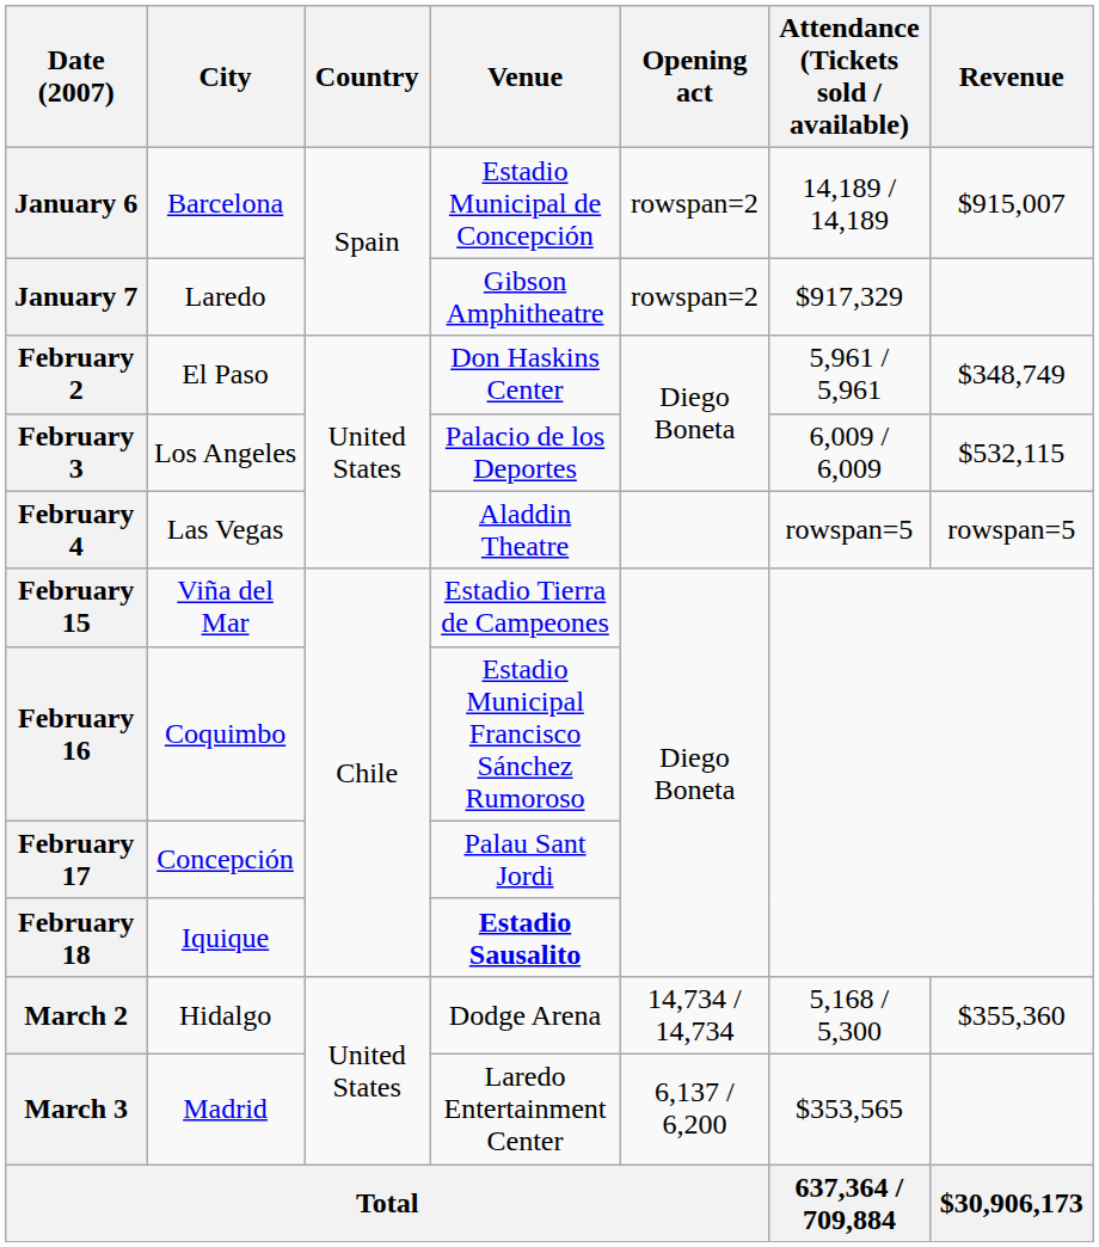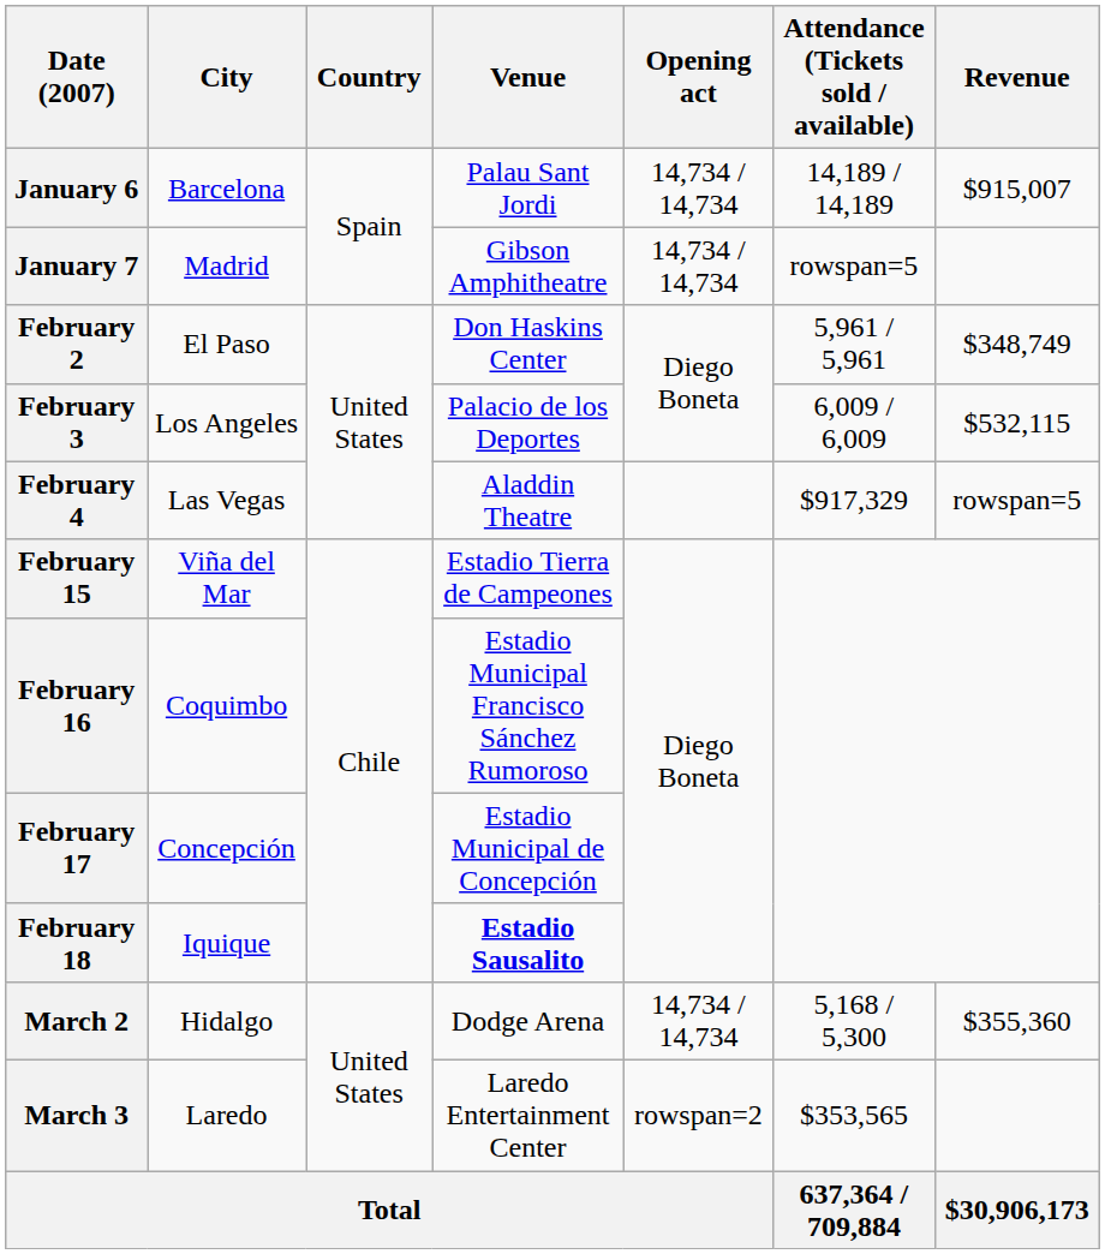 <table class="wikitable plainrowheaders" style="text-align:center;">
 <tr>
 <th scope="col" style="width:12em;">Date<br>(2007)</th>
 <th scope="col" style="width:10em;">City</th>
 <th scope="col" style="width:10em;">Country</th>
 <th scope="col" style="width:16em;">Venue</th>
 <th scope="col" style="width:10em;">Opening act</th>
 <th scope="col" style="width:10em;">Attendance <br>(Tickets sold / available)</th>
 <th scope="col" style="width:10em;">Revenue</th>
 </tr>
 <tr>
 <th scope="row" style="text-align:center;">January 6</th>
 <td><a href='#'>Barcelona</a></td>
 <td rowspan=2>Spain</td>
-<td><a href='#'>Estadio Municipal de Concepción</a></td>
-<td>rowspan=2 </td>
+<td><a href='#'>Palau Sant Jordi</a></td>
+<td>14,734 / 14,734</td>
 <td>14,189 / 14,189</td>
 <td>$915,007</td>
 </tr>
 <tr>
 <th scope="row" style="text-align:center;">January 7</th>
-<td>Laredo</td>
+<td><a href='#'>Madrid</a></td>
 <td><a href='#'>Gibson Amphitheatre</a></td>
-<td>rowspan=2 </td>
-<td>$917,329</td>
+<td>14,734 / 14,734</td>
+<td>rowspan=5 </td>
 </tr>
 <tr>
 <th scope="row" style="text-align:center;">February 2</th>
 <td>El Paso</td>
 <td rowspan=3>United States</td>
 <td><a href='#'>Don Haskins Center</a></td>
 <td rowspan=2>Diego Boneta</td>
 <td>5,961 / 5,961</td>
 <td>$348,749</td>
 </tr>
 <tr>
 <th scope="row" style="text-align:center;">February 3</th>
 <td>Los Angeles</td>
 <td><a href='#'>Palacio de los Deportes</a></td>
 <td>6,009 / 6,009</td>
 <td>$532,115</td>
 </tr>
 <tr>
 <th scope="row" style="text-align:center;">February 4</th>
 <td>Las Vegas</td>
 <td><a href='#'>Aladdin Theatre</a></td>
 <td></td>
-<td>rowspan=5 </td>
+<td>$917,329</td>
 <td>rowspan=5 </td>
 </tr>
 <tr>
 <th scope="row" style="text-align:center;">February 15</th>
 <td><a href='#'>Viña del Mar</a></td>
 <td rowspan=4>Chile</td>
 <td><a href='#'>Estadio Tierra de Campeones</a></td>
 <td rowspan=4>Diego Boneta</td>
 </tr>
 <tr>
 <th scope="row" style="text-align:center;">February 16</th>
 <td><a href='#'>Coquimbo</a></td>
 <td><a href='#'>Estadio Municipal Francisco Sánchez Rumoroso</a></td>
 </tr>
 <tr>
 <th scope="row" style="text-align:center;">February 17</th>
 <td><a href='#'>Concepción</a></td>
-<td><a href='#'>Palau Sant Jordi</a></td>
+<td><a href='#'>Estadio Municipal de Concepción</a></td>
 </tr>
 <tr>
 <th scope="row" style="text-align:center;">February 18</th>
 <td><a href='#'>Iquique</a></td>
 <td><strong><a href='#'>Estadio Sausalito</a></strong></td>
 </tr>
 <tr>
 <th scope="row" style="text-align:center;">March 2</th>
 <td>Hidalgo</td>
 <td rowspan=2>United States</td>
 <td>Dodge Arena</td>
 <td>14,734 / 14,734</td>
 <td>5,168 / 5,300</td>
 <td>$355,360</td>
 </tr>
 <tr>
 <th scope="row" style="text-align:center;">March 3</th>
-<td><a href='#'>Madrid</a></td>
+<td>Laredo</td>
 <td>Laredo Entertainment Center</td>
-<td>6,137 / 6,200</td>
+<td>rowspan=2 </td>
 <td>$353,565</td>
 </tr>
 <tr>
 <th colspan=5>Total</th>
 <th scope="row" style="text-align:center;"><strong>637,364 / 709,884</strong></th>
 <th scope="row" style="text-align:center;"><strong>$30,906,173</strong></th>
 </tr>
 </table>
